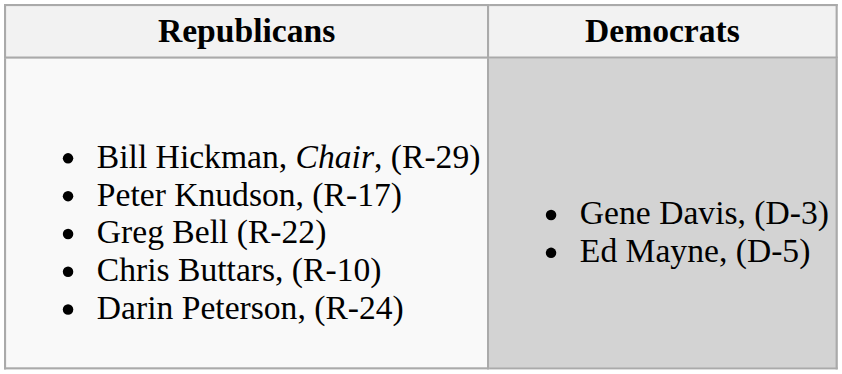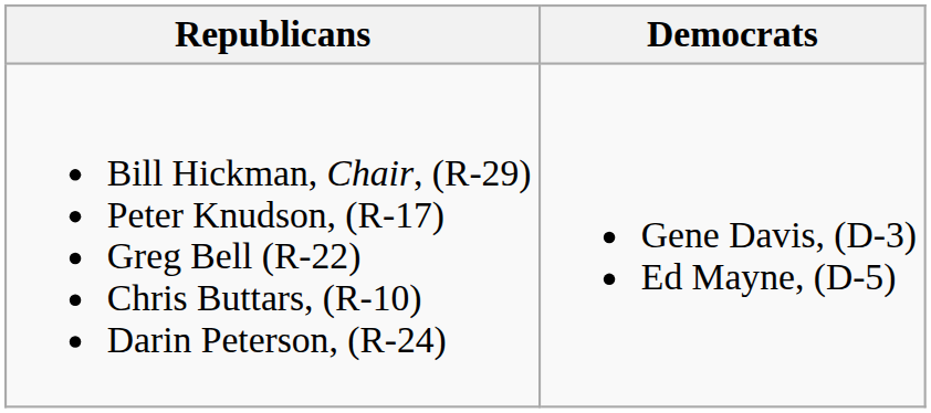 <table class=wikitable>
 <tr>
 <th>Republicans</th>
 <th>Democrats</th>
 </tr>
 <tr>
 <td><br><ul><li>Bill Hickman, <em>Chair</em>, (R-29)</li><li>Peter Knudson, (R-17)</li><li>Greg Bell (R-22)</li><li>Chris Buttars, (R-10)</li><li>Darin Peterson, (R-24)</li></ul></td>
-<td style="background: lightgrey;"><br><ul><li>Gene Davis, (D-3)</li><li>Ed Mayne, (D-5)</li></ul></td>
+<td><br><ul><li>Gene Davis, (D-3)</li><li>Ed Mayne, (D-5)</li></ul></td>
 </tr>
 </table>
